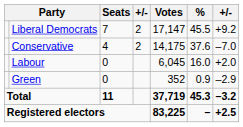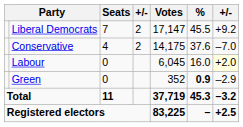 <table class="wikitable sortable">
 <tr>
 <th colspan="2">Party</th>
 <th>Seats</th>
 <th>+/-</th>
 <th>Votes</th>
 <th>%</th>
 <th>+/-</th>
 </tr>
 <tr>
 <td style="background-color: "></td>
 <td><a href='#'>Liberal Democrats</a></td>
 <td>7</td>
 <td> 2</td>
 <td style="text-align:right;">17,147</td>
 <td style="text-align:right;">45.5</td>
 <td style="text-align:right;">+9.2</td>
 </tr>
 <tr>
 <td style="background-color: "></td>
 <td><a href='#'>Conservative</a></td>
 <td>4</td>
 <td> 2</td>
 <td style="text-align:right;">14,175</td>
 <td style="text-align:right;">37.6</td>
 <td style="text-align:right;">–7.0</td>
 </tr>
 <tr>
 <td style="background-color: "></td>
 <td><a href='#'>Labour</a></td>
 <td>0</td>
 <td></td>
 <td style="text-align:right;">6,045</td>
 <td style="text-align:right;">16.0</td>
-<td style="text-align:right;">+2.0</td>
+<td style="background: lightyellow; text-align:right;">+2.0</td>
 </tr>
 <tr>
 <td style="background-color: "></td>
 <td><a href='#'>Green</a></td>
 <td>0</td>
 <td></td>
 <td style="text-align:right;">352</td>
-<td style="text-align:right;">0.9</td>
+<td style="text-align:right;"><strong>0.9</strong></td>
 <td style="text-align:right;">–2.9</td>
 </tr>
 <tr>
 <td colspan="2"><strong>Total</strong></td>
 <td><strong>11</strong></td>
 <td></td>
 <td style="text-align:right;"><strong>37,719</strong></td>
 <td style="text-align:right;"><strong>45.3</strong></td>
 <td style="text-align:right;"><strong>–3.2</strong></td>
 </tr>
 <tr>
 <td colspan="4"><strong>Registered electors</strong></td>
 <td style="text-align:right;"><strong>83,225</strong></td>
 <td style="text-align:right;"><strong>–</strong></td>
 <td style="text-align:right;"><strong>+2.5</strong></td>
 </tr>
 </table>
